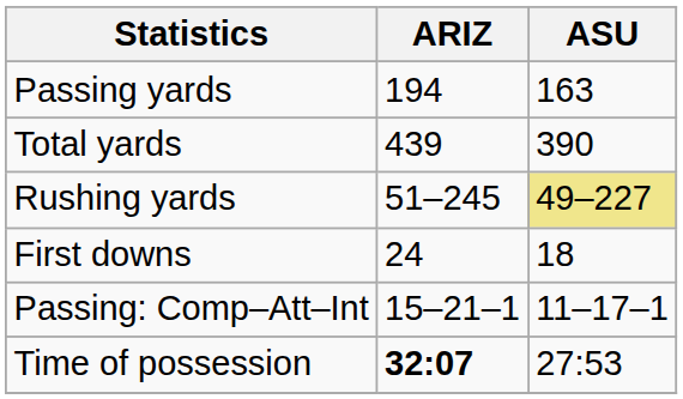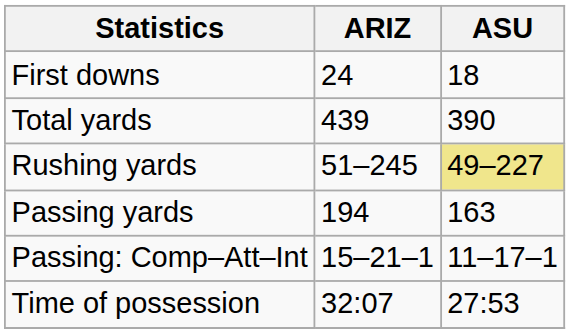 <table class="wikitable" style="float: left;">
 <tr>
 <th>Statistics</th>
 <th>ARIZ</th>
 <th>ASU</th>
 </tr>
 <tr>
-<td>Passing yards</td>
-<td>194</td>
-<td>163</td>
+<td>First downs</td>
+<td>24</td>
+<td>18</td>
 </tr>
 <tr>
 <td>Total yards</td>
 <td>439</td>
 <td>390</td>
 </tr>
 <tr>
 <td>Rushing yards</td>
 <td>51–245</td>
 <td style="background: khaki;">49–227</td>
 </tr>
 <tr>
-<td>First downs</td>
-<td>24</td>
-<td>18</td>
+<td>Passing yards</td>
+<td>194</td>
+<td>163</td>
 </tr>
 <tr>
 <td>Passing: Comp–Att–Int</td>
 <td>15–21–1</td>
 <td>11–17–1</td>
 </tr>
 <tr>
 <td>Time of possession</td>
-<td><strong>32:07</strong></td>
+<td>32:07</td>
 <td>27:53</td>
 </tr>
 <tr>
 </tr>
 </table>
